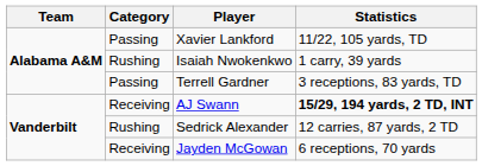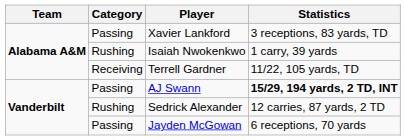 <table class="wikitable" style="float: right;">
 <tr>
 <th>Team</th>
 <th>Category</th>
 <th>Player</th>
 <th>Statistics</th>
 </tr>
 <tr>
 <td rowspan=3><strong>Alabama A&M</strong></td>
 <td>Passing</td>
 <td>Xavier Lankford</td>
-<td>11/22, 105 yards, TD</td>
+<td>3 receptions, 83 yards, TD</td>
 </tr>
 <tr>
 <td>Rushing</td>
 <td>Isaiah Nwokenkwo</td>
 <td>1 carry, 39 yards</td>
 </tr>
 <tr>
-<td>Passing</td>
+<td>Receiving</td>
 <td>Terrell Gardner</td>
-<td>3 receptions, 83 yards, TD</td>
+<td>11/22, 105 yards, TD</td>
 </tr>
 <tr>
 <td rowspan=3><strong>Vanderbilt</strong></td>
-<td>Receiving</td>
+<td>Passing</td>
 <td><a href='#'>AJ Swann</a></td>
 <td><strong>15/29, 194 yards, 2 TD, INT</strong></td>
 </tr>
 <tr>
 <td>Rushing</td>
 <td>Sedrick Alexander</td>
 <td>12 carries, 87 yards, 2 TD</td>
 </tr>
 <tr>
-<td>Receiving</td>
+<td>Passing</td>
 <td><a href='#'>Jayden McGowan</a></td>
 <td>6 receptions, 70 yards</td>
 </tr>
 </table>
